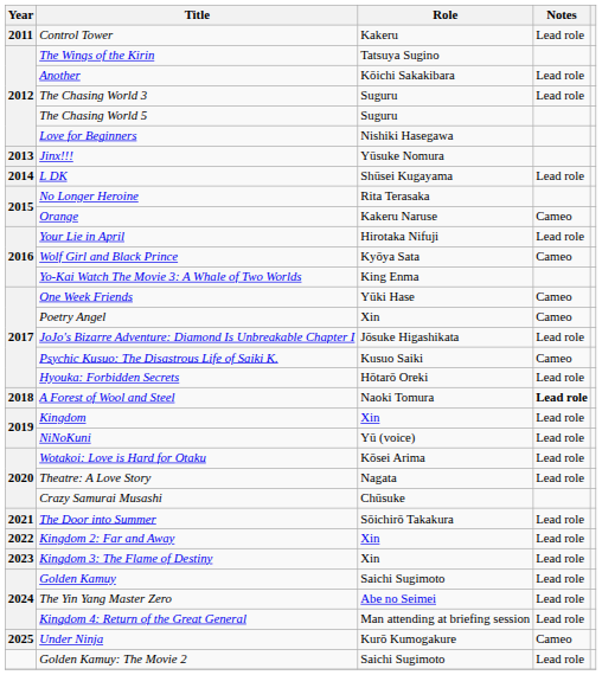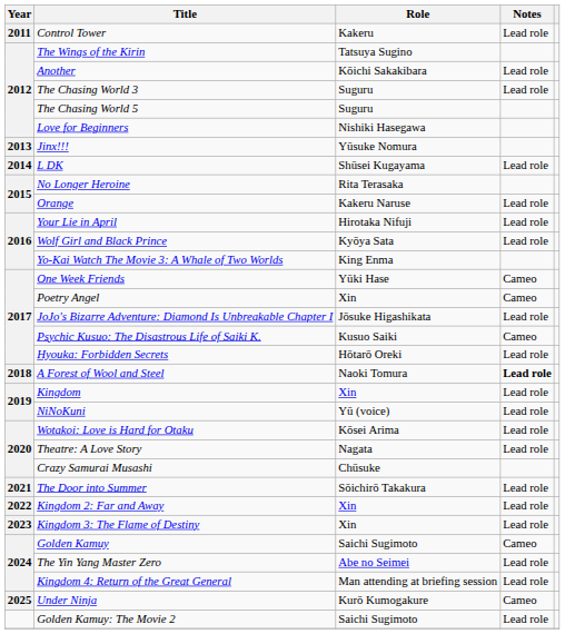 <table class="wikitable plainrowheaders sortable">
 <tr>
 <th scope="col">Year</th>
 <th scope="col">Title</th>
 <th scope="col">Role</th>
 <th scope="col" class="unsortable">Notes</th>
 <th scope="col" class="unsortable"></th>
 </tr>
 <tr>
 <th scope="row">2011</th>
 <td><em>Control Tower</em></td>
 <td>Kakeru</td>
 <td>Lead role</td>
 <td style="text-align:center"></td>
 </tr>
 <tr>
 <th scope="row" rowspan="5">2012</th>
 <td><em><a href='#'>The Wings of the Kirin</a></em></td>
 <td>Tatsuya Sugino</td>
 <td></td>
 <td style="text-align:center"></td>
 </tr>
 <tr>
 <td><em><a href='#'>Another</a></em></td>
 <td>Kōichi Sakakibara</td>
 <td>Lead role</td>
 <td style="text-align:center"></td>
 </tr>
 <tr>
 <td><em>The Chasing World 3</em></td>
 <td>Suguru</td>
 <td>Lead role</td>
 <td style="text-align:center"></td>
 </tr>
 <tr>
 <td><em>The Chasing World 5</em></td>
 <td>Suguru</td>
 <td></td>
 <td style="text-align:center"></td>
 </tr>
 <tr>
 <td><em><a href='#'>Love for Beginners</a></em></td>
 <td>Nishiki Hasegawa</td>
 <td></td>
 <td style="text-align:center"></td>
 </tr>
 <tr>
 <th scope="row">2013</th>
 <td><em><a href='#'>Jinx!!!</a></em></td>
 <td>Yūsuke Nomura</td>
 <td></td>
 <td style="text-align:center"></td>
 </tr>
 <tr>
 <th scope="row">2014</th>
 <td><em><a href='#'>L DK</a></em></td>
 <td>Shūsei Kugayama</td>
 <td>Lead role</td>
 <td style="text-align:center"></td>
 </tr>
 <tr>
 <th scope="row" rowspan="2">2015</th>
 <td><em><a href='#'>No Longer Heroine</a></em></td>
 <td>Rita Terasaka</td>
 <td></td>
 <td style="text-align:center"></td>
 </tr>
 <tr>
 <td><em><a href='#'>Orange</a></em></td>
 <td>Kakeru Naruse</td>
-<td>Cameo</td>
+<td>Lead role</td>
 <td style="text-align:center"></td>
 </tr>
 <tr>
 <th scope="row" rowspan="3">2016</th>
 <td><em><a href='#'>Your Lie in April</a></em></td>
 <td>Hirotaka Nifuji</td>
 <td>Lead role</td>
 <td style="text-align:center"></td>
 </tr>
 <tr>
 <td><em><a href='#'>Wolf Girl and Black Prince</a></em></td>
 <td>Kyōya Sata</td>
-<td>Cameo</td>
+<td>Lead role</td>
 <td style="text-align:center"></td>
 </tr>
 <tr>
 <td><em><a href='#'>Yo-Kai Watch The Movie 3: A Whale of Two Worlds</a></em></td>
 <td>King Enma</td>
 <td></td>
 <td style="text-align:center"></td>
 </tr>
 <tr>
 <th scope="row" rowspan="5">2017</th>
 <td><em><a href='#'>One Week Friends</a></em></td>
 <td>Yūki Hase</td>
 <td>Cameo</td>
 <td style="text-align:center"></td>
 </tr>
 <tr>
 <td><em>Poetry Angel</em></td>
 <td>Xin</td>
 <td>Cameo</td>
 <td style="text-align:center"></td>
 </tr>
 <tr>
 <td><em><a href='#'>JoJo's Bizarre Adventure: Diamond Is Unbreakable Chapter I</a></em></td>
 <td>Jōsuke Higashikata</td>
 <td>Lead role</td>
 <td style="text-align:center"></td>
 </tr>
 <tr>
 <td><em><a href='#'>Psychic Kusuo: The Disastrous Life of Saiki K.</a></em></td>
 <td>Kusuo Saiki</td>
 <td>Cameo</td>
 <td style="text-align:center"></td>
 </tr>
 <tr>
 <td><em><a href='#'>Hyouka: Forbidden Secrets</a></em></td>
 <td>Hōtarō Oreki</td>
 <td>Lead role</td>
 <td style="text-align:center"></td>
 </tr>
 <tr>
 <th scope="row">2018</th>
 <td><em><a href='#'>A Forest of Wool and Steel</a></em></td>
 <td>Naoki Tomura</td>
 <td><strong>Lead role</strong></td>
 <td style="text-align:center"></td>
 </tr>
 <tr>
 <th scope="row" rowspan="2">2019</th>
 <td><em><a href='#'>Kingdom</a></em></td>
 <td><a href='#'>Xin</a></td>
 <td>Lead role</td>
 <td style="text-align:center"></td>
 </tr>
 <tr>
 <td><em><a href='#'>NiNoKuni</a></em></td>
 <td>Yū (voice)</td>
 <td>Lead role</td>
 <td style="text-align:center"></td>
 </tr>
 <tr>
 <th scope="row" rowspan="3">2020</th>
 <td><em><a href='#'>Wotakoi: Love is Hard for Otaku</a></em></td>
 <td>Kōsei Arima</td>
 <td>Lead role</td>
 <td style="text-align:center"></td>
 </tr>
 <tr>
 <td><em>Theatre: A Love Story</em></td>
 <td>Nagata</td>
 <td>Lead role</td>
 <td style="text-align:center"></td>
 </tr>
 <tr>
 <td><em>Crazy Samurai Musashi</em></td>
 <td>Chūsuke</td>
 <td></td>
 <td style="text-align:center"></td>
 </tr>
 <tr>
 <th scope="row">2021</th>
 <td><em><a href='#'>The Door into Summer</a></em></td>
 <td>Sōichirō Takakura</td>
 <td>Lead role</td>
 <td style="text-align:center"></td>
 </tr>
 <tr>
 <th scope="row">2022</th>
 <td><em><a href='#'>Kingdom 2: Far and Away</a></em></td>
 <td><a href='#'>Xin</a></td>
 <td>Lead role</td>
 <td style="text-align:center"></td>
 </tr>
 <tr>
 <th scope="row">2023</th>
 <td><em><a href='#'>Kingdom 3: The Flame of Destiny</a></em></td>
 <td>Xin</td>
 <td>Lead role</td>
 <td style="text-align:center"></td>
 </tr>
 <tr>
 <th scope="row" rowspan=3>2024</th>
 <td><em><a href='#'>Golden Kamuy</a></em></td>
 <td>Saichi Sugimoto</td>
-<td>Lead role</td>
+<td>Cameo</td>
 <td style="text-align:center"></td>
 </tr>
 <tr>
 <td><em>The Yin Yang Master Zero</em></td>
 <td><a href='#'>Abe no Seimei</a></td>
 <td>Lead role</td>
 <td style="text-align:center"></td>
 </tr>
 <tr>
 <td><em><a href='#'>Kingdom 4: Return of the Great General</a></em></td>
 <td>Man attending at briefing session</td>
 <td>Lead role</td>
 <td style="text-align:center"></td>
 </tr>
 <tr>
 <th scope="row" rowspan="1">2025</th>
 <td><em><a href='#'>Under Ninja</a></em></td>
 <td>Kurō Kumogakure</td>
 <td>Cameo</td>
 <td style="text-align:center"></td>
 </tr>
 <tr>
 <td></td>
 <td><em>Golden Kamuy: The Movie 2</em></td>
 <td>Saichi Sugimoto</td>
 <td>Lead role</td>
 <td style="text-align:center"></td>
 </tr>
 <tr>
 </tr>
 </table>
